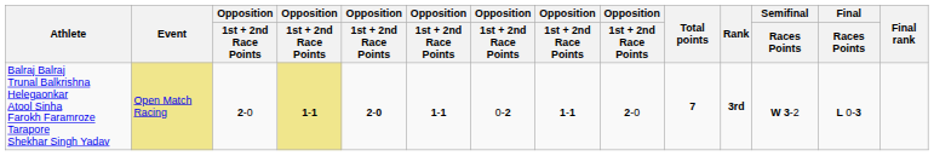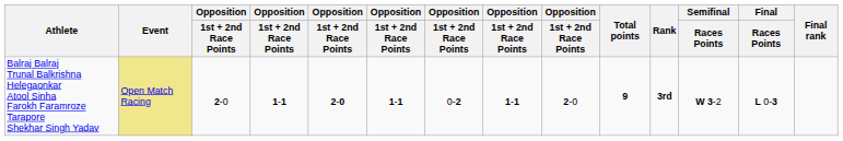 <table class="wikitable" border="1" style="font-size:90%">
 <tr>
 <th rowspan=2>Athlete</th>
 <th rowspan=2>Event</th>
 <th>Opposition</th>
 <th>Opposition</th>
 <th>Opposition</th>
 <th>Opposition</th>
 <th>Opposition</th>
 <th>Opposition</th>
 <th>Opposition</th>
 <th rowspan=2>Total points</th>
 <th rowspan=2>Rank</th>
 <th>Semifinal</th>
 <th>Final</th>
 <th rowspan=2>Final rank</th>
 </tr>
 <tr>
 <th>1st + 2nd<br>Race Points</th>
 <th>1st + 2nd<br>Race Points</th>
 <th>1st + 2nd<br>Race Points</th>
 <th>1st + 2nd<br>Race Points</th>
 <th>1st + 2nd<br>Race Points</th>
 <th>1st + 2nd<br>Race Points</th>
 <th>1st + 2nd<br>Race Points</th>
 <th>Races Points</th>
 <th>Races Points</th>
 </tr>
 <tr>
 <td align=left><a href='#'>Balraj Balraj</a><br><a href='#'>Trunal Balkrishna Helegaonkar</a><br><a href='#'>Atool Sinha</a><br><a href='#'>Farokh Faramroze Tarapore</a><br><a href='#'>Shekhar Singh Yadav</a></td>
 <td align=left style="background: khaki;"><a href='#'>Open Match Racing</a></td>
 <td align=center><br><strong>2</strong>-0</td>
-<td align=center style="background: khaki;"><br><strong>1</strong>-<strong>1</strong></td>
+<td align=center><br><strong>1</strong>-<strong>1</strong></td>
 <td align=center><br><strong>2</strong>-<strong>0</strong></td>
 <td align=center><br><strong>1</strong>-<strong>1</strong></td>
 <td align=center><br>0-<strong>2</strong></td>
 <td align=center><br><strong>1</strong>-<strong>1</strong></td>
 <td align=center><br><strong>2</strong>-0</td>
-<td align=center><strong>7</strong></td>
+<td align=center><strong>9</strong></td>
 <td align=center><strong>3rd</strong></td>
 <td align=center><br><strong>W</strong> <strong>3</strong>-2</td>
 <td align=center><br><strong>L</strong> 0-<strong>3</strong></td>
 <td align=center></td>
 </tr>
 </table>
